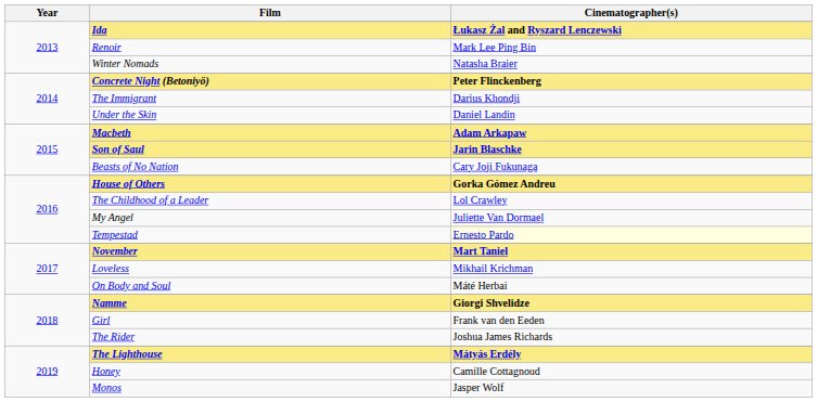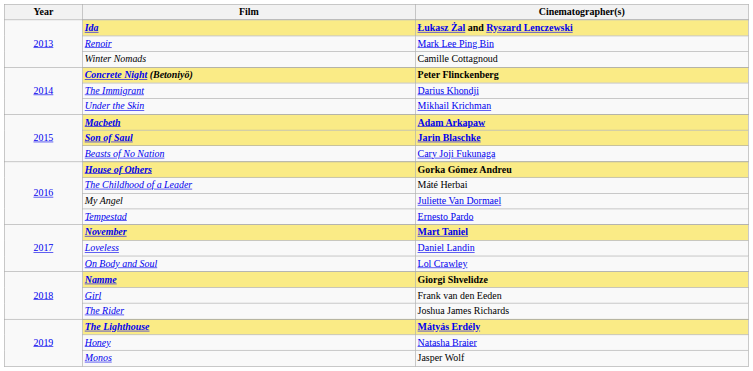 <table class="wikitable" width="95%" cellpadding="5">
 <tr>
 <th width="100"><strong>Year</strong></th>
 <th width="450"><strong>Film</strong></th>
 <th width="450"><strong>Cinematographer(s)</strong></th>
 </tr>
 <tr>
 <td rowspan="4" style="text-align:center;"><a href='#'>2013</a><br></td>
 </tr>
 <tr>
 <td style="background:#FAEB86;"><strong><em><a href='#'>Ida</a></em></strong></td>
 <td style="background:#FAEB86;"><strong><a href='#'>Łukasz Żal</a> and <a href='#'>Ryszard Lenczewski</a></strong></td>
 </tr>
 <tr>
 <td><em><a href='#'>Renoir</a></em></td>
 <td><a href='#'>Mark Lee Ping Bin</a></td>
 </tr>
 <tr>
 <td><em>Winter Nomads</em></td>
-<td><a href='#'>Natasha Braier</a></td>
+<td>Camille Cottagnoud</td>
 </tr>
 <tr>
 <td rowspan="4" style="text-align:center;"><a href='#'>2014</a><br></td>
 </tr>
 <tr>
 <td style="background:#FAEB86;"><strong><em><a href='#'>Concrete Night</a> (Betoniyö)</em></strong></td>
 <td style="background:#FAEB86;"><strong>Peter Flinckenberg</strong></td>
 </tr>
 <tr>
 <td><em><a href='#'>The Immigrant</a></em></td>
 <td><a href='#'>Darius Khondji</a></td>
 </tr>
 <tr>
 <td><em><a href='#'>Under the Skin</a></em></td>
-<td><a href='#'>Daniel Landin</a></td>
+<td><a href='#'>Mikhail Krichman</a></td>
 </tr>
 <tr>
 <td rowspan="4" style="text-align:center;"><a href='#'>2015</a><br></td>
 </tr>
 <tr>
 <td style="background:#FAEB86;"><strong><em><a href='#'>Macbeth</a></em></strong></td>
 <td style="background:#FAEB86;"><strong><a href='#'>Adam Arkapaw</a></strong></td>
 </tr>
 <tr>
 <td style="background:#FAEB86;"><strong><em><a href='#'>Son of Saul</a></em></strong></td>
 <td style="background:#FAEB86;"><strong><a href='#'>Jarin Blaschke</a></strong></td>
 </tr>
 <tr>
 <td><em><a href='#'>Beasts of No Nation</a></em></td>
 <td><a href='#'>Cary Joji Fukunaga</a></td>
 </tr>
 <tr>
 <td rowspan="5" style="text-align:center;"><a href='#'>2016</a><br></td>
 </tr>
 <tr>
 <td style="background:#FAEB86;"><strong><em><a href='#'>House of Others</a></em></strong></td>
 <td style="background:#FAEB86;"><strong>Gorka Gómez Andreu</strong></td>
 </tr>
 <tr>
 <td><em><a href='#'>The Childhood of a Leader</a></em></td>
-<td><a href='#'>Lol Crawley</a></td>
+<td>Máté Herbai</td>
 </tr>
 <tr>
 <td><em>My Angel</em></td>
 <td><a href='#'>Juliette Van Dormael</a></td>
 </tr>
 <tr>
 <td><em><a href='#'>Tempestad</a></em></td>
-<td style="background: lightyellow;"><a href='#'>Ernesto Pardo</a></td>
+<td><a href='#'>Ernesto Pardo</a></td>
 </tr>
 <tr>
 <td rowspan="4" style="text-align:center;"><a href='#'>2017</a><br></td>
 </tr>
 <tr>
 <td style="background:#FAEB86;"><strong><em><a href='#'>November</a></em></strong></td>
 <td style="background:#FAEB86;"><strong><a href='#'>Mart Taniel</a></strong></td>
 </tr>
 <tr>
 <td><em><a href='#'>Loveless</a></em></td>
-<td><a href='#'>Mikhail Krichman</a></td>
+<td><a href='#'>Daniel Landin</a></td>
 </tr>
 <tr>
 <td><em><a href='#'>On Body and Soul</a></em></td>
-<td>Máté Herbai</td>
+<td><a href='#'>Lol Crawley</a></td>
 </tr>
 <tr>
 <td rowspan="4" style="text-align:center;"><a href='#'>2018</a><br></td>
 </tr>
 <tr>
 <td style="background:#FAEB86;"><strong><em><a href='#'>Namme</a></em></strong></td>
 <td style="background:#FAEB86;"><strong>Giorgi Shvelidze</strong></td>
 </tr>
 <tr>
 <td><em><a href='#'>Girl</a></em></td>
 <td>Frank van den Eeden</td>
 </tr>
 <tr>
 <td><em><a href='#'>The Rider</a></em></td>
 <td>Joshua James Richards</td>
 </tr>
 <tr>
 <td rowspan="4" style="text-align:center;"><a href='#'>2019</a><br></td>
 </tr>
 <tr>
 <td style="background:#FAEB86;"><strong><em><a href='#'>The Lighthouse</a></em></strong></td>
 <td style="background:#FAEB86;"><strong><a href='#'>Mátyás Erdély</a></strong></td>
 </tr>
 <tr>
 <td><em><a href='#'>Honey</a></em></td>
-<td>Camille Cottagnoud</td>
+<td><a href='#'>Natasha Braier</a></td>
 </tr>
 <tr>
 <td><em><a href='#'>Monos</a></em></td>
 <td>Jasper Wolf</td>
 </tr>
 </table>
